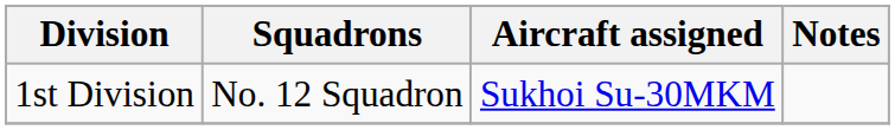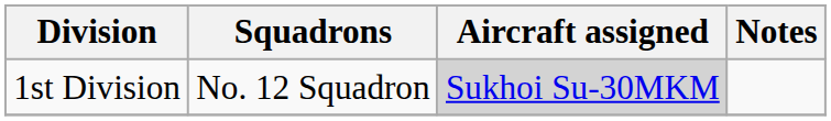 <table class="wikitable">
 <tr>
 <th>Division</th>
 <th>Squadrons</th>
 <th>Aircraft assigned</th>
 <th>Notes</th>
 </tr>
 <tr>
 <td>1st Division</td>
 <td>No. 12 Squadron</td>
-<td><a href='#'>Sukhoi Su-30MKM</a></td>
+<td style="background: lightgrey;"><a href='#'>Sukhoi Su-30MKM</a></td>
 <td></td>
 </tr>
 <tr>
 </tr>
 </table>
